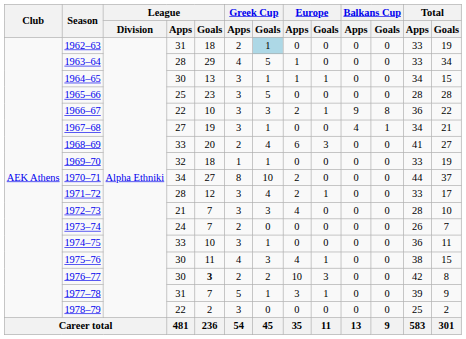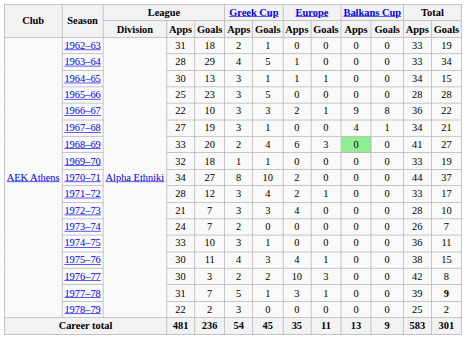 <table class="wikitable" style="text-align:center">
 <tr>
 <th rowspan="2">Club</th>
 <th rowspan="2">Season</th>
 <th colspan="3">League</th>
 <th colspan="2"><a href='#'>Greek Cup</a></th>
 <th colspan="2"><a href='#'>Europe</a></th>
 <th colspan="2"><a href='#'>Balkans Cup</a></th>
 <th colspan="2">Total</th>
 </tr>
 <tr>
 <th>Division</th>
 <th>Apps</th>
 <th>Goals</th>
 <th>Apps</th>
 <th>Goals</th>
 <th>Apps</th>
 <th>Goals</th>
 <th>Apps</th>
 <th>Goals</th>
 <th>Apps</th>
 <th>Goals</th>
 </tr>
 <tr>
 <td rowspan="17"><a href='#'>AEK Athens</a></td>
 <td><a href='#'>1962–63</a></td>
 <td rowspan="17"><a href='#'>Alpha Ethniki</a></td>
 <td>31</td>
 <td>18</td>
 <td>2</td>
-<td style="background: lightblue;">1</td>
+<td>1</td>
 <td>0</td>
 <td>0</td>
 <td>0</td>
 <td>0</td>
 <td>33</td>
 <td>19</td>
 </tr>
 <tr>
 <td><a href='#'>1963–64</a></td>
 <td>28</td>
 <td>29</td>
 <td>4</td>
 <td>5</td>
 <td>1</td>
 <td>0</td>
 <td>0</td>
 <td>0</td>
 <td>33</td>
 <td>34</td>
 </tr>
 <tr>
 <td><a href='#'>1964–65</a></td>
 <td>30</td>
 <td>13</td>
 <td>3</td>
 <td>1</td>
 <td>1</td>
 <td>1</td>
 <td>0</td>
 <td>0</td>
 <td>34</td>
 <td>15</td>
 </tr>
 <tr>
 <td><a href='#'>1965–66</a></td>
 <td>25</td>
 <td>23</td>
 <td>3</td>
 <td>5</td>
 <td>0</td>
 <td>0</td>
 <td>0</td>
 <td>0</td>
 <td>28</td>
 <td>28</td>
 </tr>
 <tr>
 <td><a href='#'>1966–67</a></td>
 <td>22</td>
 <td>10</td>
 <td>3</td>
 <td>3</td>
 <td>2</td>
 <td>1</td>
 <td>9</td>
 <td>8</td>
 <td>36</td>
 <td>22</td>
 </tr>
 <tr>
 <td><a href='#'>1967–68</a></td>
 <td>27</td>
 <td>19</td>
 <td>3</td>
 <td>1</td>
 <td>0</td>
 <td>0</td>
 <td>4</td>
 <td>1</td>
 <td>34</td>
 <td>21</td>
 </tr>
 <tr>
 <td><a href='#'>1968–69</a></td>
 <td>33</td>
 <td>20</td>
 <td>2</td>
 <td>4</td>
 <td>6</td>
 <td>3</td>
-<td>0</td>
+<td style="background: lightgreen;">0</td>
 <td>0</td>
 <td>41</td>
 <td>27</td>
 </tr>
 <tr>
 <td><a href='#'>1969–70</a></td>
 <td>32</td>
 <td>18</td>
 <td>1</td>
 <td>1</td>
 <td>0</td>
 <td>0</td>
 <td>0</td>
 <td>0</td>
 <td>33</td>
 <td>19</td>
 </tr>
 <tr>
 <td><a href='#'>1970–71</a></td>
 <td>34</td>
 <td>27</td>
 <td>8</td>
 <td>10</td>
 <td>2</td>
 <td>0</td>
 <td>0</td>
 <td>0</td>
 <td>44</td>
 <td>37</td>
 </tr>
 <tr>
 <td><a href='#'>1971–72</a></td>
 <td>28</td>
 <td>12</td>
 <td>3</td>
 <td>4</td>
 <td>2</td>
 <td>1</td>
 <td>0</td>
 <td>0</td>
 <td>33</td>
 <td>17</td>
 </tr>
 <tr>
 <td><a href='#'>1972–73</a></td>
 <td>21</td>
 <td>7</td>
 <td>3</td>
 <td>3</td>
 <td>4</td>
 <td>0</td>
 <td>0</td>
 <td>0</td>
 <td>28</td>
 <td>10</td>
 </tr>
 <tr>
 <td><a href='#'>1973–74</a></td>
 <td>24</td>
 <td>7</td>
 <td>2</td>
 <td>0</td>
 <td>0</td>
 <td>0</td>
 <td>0</td>
 <td>0</td>
 <td>26</td>
 <td>7</td>
 </tr>
 <tr>
 <td><a href='#'>1974–75</a></td>
 <td>33</td>
 <td>10</td>
 <td>3</td>
 <td>1</td>
 <td>0</td>
 <td>0</td>
 <td>0</td>
 <td>0</td>
 <td>36</td>
 <td>11</td>
 </tr>
 <tr>
 <td><a href='#'>1975–76</a></td>
 <td>30</td>
 <td>11</td>
 <td>4</td>
 <td>3</td>
 <td>4</td>
 <td>1</td>
 <td>0</td>
 <td>0</td>
 <td>38</td>
 <td>15</td>
 </tr>
 <tr>
 <td><a href='#'>1976–77</a></td>
 <td>30</td>
-<td><strong>3</strong></td>
+<td>3</td>
 <td>2</td>
 <td>2</td>
 <td>10</td>
 <td>3</td>
 <td>0</td>
 <td>0</td>
 <td>42</td>
 <td>8</td>
 </tr>
 <tr>
 <td><a href='#'>1977–78</a></td>
 <td>31</td>
 <td>7</td>
 <td>5</td>
 <td>1</td>
 <td>3</td>
 <td>1</td>
 <td>0</td>
 <td>0</td>
 <td>39</td>
-<td>9</td>
+<td><strong>9</strong></td>
 </tr>
 <tr>
 <td><a href='#'>1978–79</a></td>
 <td>22</td>
 <td>2</td>
 <td>3</td>
 <td>0</td>
 <td>0</td>
 <td>0</td>
 <td>0</td>
 <td>0</td>
 <td>25</td>
 <td>2</td>
 </tr>
 <tr>
 <th colspan="3">Career total</th>
 <th>481</th>
 <th>236</th>
 <th>54</th>
 <th>45</th>
 <th>35</th>
 <th>11</th>
 <th>13</th>
 <th>9</th>
 <th>583</th>
 <th>301</th>
 </tr>
 </table>
